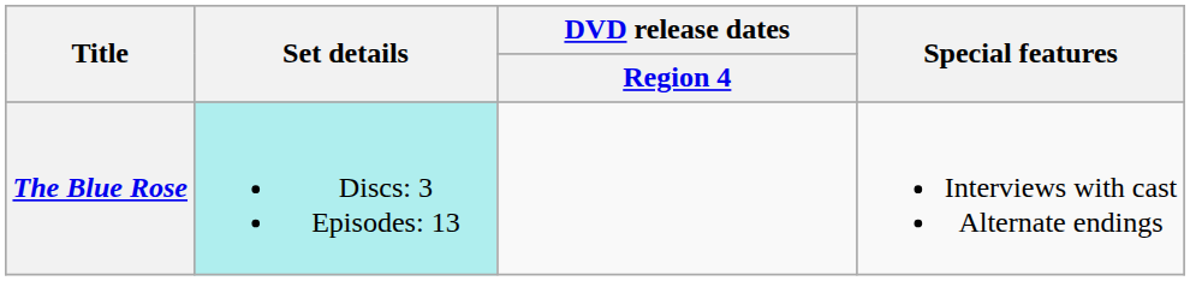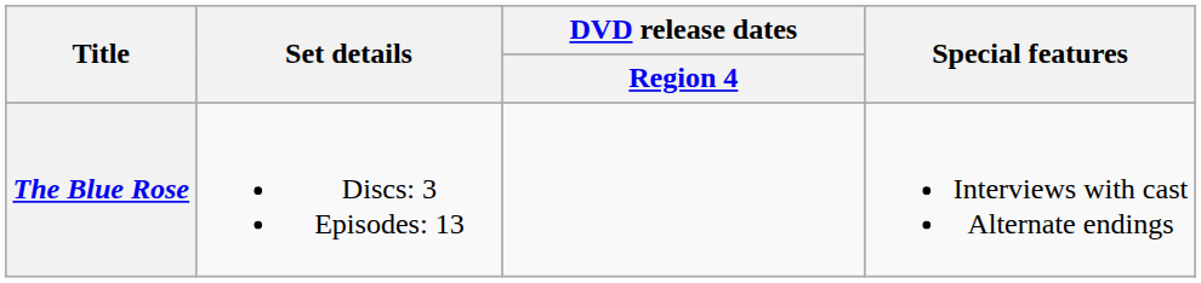 <table class="wikitable plainrowheaders" style="font-size:90%; text-align: center">
 <tr>
 <th scope="col" rowspan="2">Title</th>
 <th scope="col" rowspan="2" style="width: 10em;">Set details</th>
 <th scope="col" colspan="1"><a href='#'>DVD</a> release dates</th>
 <th scope="col" rowspan="2">Special features</th>
 </tr>
 <tr>
 <th scope="col" style="width: 12em; font-size: 100%;"><a href='#'>Region 4</a></th>
 </tr>
 <tr>
 <th scope="row" style="text-align:center;"><em><a href='#'>The Blue Rose</a></em></th>
-<td style="background: paleturquoise;"><br><ul><li>Discs: 3</li><li>Episodes: 13</li></ul></td>
+<td><br><ul><li>Discs: 3</li><li>Episodes: 13</li></ul></td>
 <td></td>
 <td><br><ul><li>Interviews with cast</li><li>Alternate endings</li></ul></td>
 </tr>
 </table>
